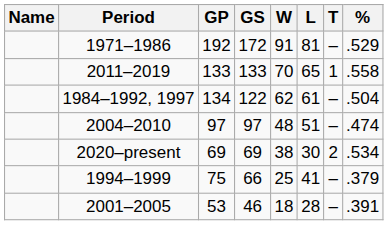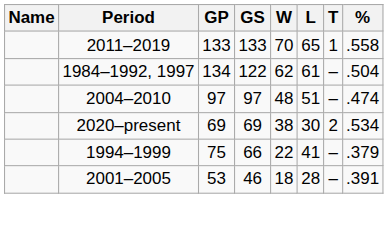 <table class="wikitable sortable" style="text-align:center">
 <tr>
 <th scope="col">Name</th>
 <th scope="col">Period</th>
 <th scope="col">GP</th>
 <th scope="col">GS</th>
 <th scope="col">W</th>
 <th scope="col">L</th>
 <th scope="col">T</th>
 <th scope="col">%</th>
-</tr>
-<tr>
-<td></td>
-<td>1971–1986</td>
-<td>192</td>
-<td>172</td>
-<td>91</td>
-<td>81</td>
-<td>–</td>
-<td>.529</td>
 </tr>
 <tr>
 <td></td>
 <td>2011–2019</td>
 <td>133</td>
 <td>133</td>
 <td>70</td>
 <td>65</td>
 <td>1</td>
 <td>.558</td>
 </tr>
 <tr>
 <td></td>
 <td>1984–1992, 1997</td>
 <td>134</td>
 <td>122</td>
 <td>62</td>
 <td>61</td>
 <td>–</td>
 <td>.504</td>
 </tr>
 <tr>
 <td></td>
 <td>2004–2010</td>
 <td>97</td>
 <td>97</td>
 <td>48</td>
 <td>51</td>
 <td>–</td>
 <td>.474</td>
 </tr>
 <tr>
 <td></td>
 <td>2020–present</td>
 <td>69</td>
 <td>69</td>
 <td>38</td>
 <td>30</td>
 <td>2</td>
 <td>.534</td>
 </tr>
 <tr>
 <td></td>
 <td>1994–1999</td>
 <td>75</td>
 <td>66</td>
-<td>25</td>
+<td>22</td>
 <td>41</td>
 <td>–</td>
 <td>.379</td>
 </tr>
 <tr>
 <td></td>
 <td>2001–2005</td>
 <td>53</td>
 <td>46</td>
 <td>18</td>
 <td>28</td>
 <td>–</td>
 <td>.391</td>
 </tr>
 </table>
